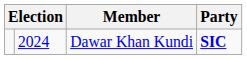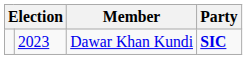 <table class="wikitable">
 <tr>
 <th colspan="2">Election</th>
 <th>Member</th>
 <th>Party</th>
 </tr>
 <tr>
 <td style="background-color: "></td>
-<td><a href='#'>2024</a></td>
+<td><a href='#'>2023</a></td>
 <td><a href='#'>Dawar Khan Kundi</a></td>
 <td><strong><a href='#'>SIC</a></strong></td>
 </tr>
 </table>
